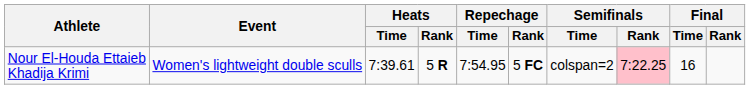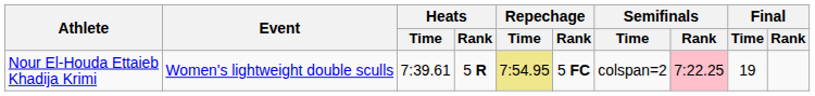 <table class="wikitable" style="font-size:90%">
 <tr>
 <th rowspan="2">Athlete</th>
 <th rowspan="2">Event</th>
 <th colspan="2">Heats</th>
 <th colspan="2">Repechage</th>
 <th colspan="2">Semifinals</th>
 <th colspan="2">Final</th>
 </tr>
 <tr style="font-size:95%">
 <th>Time</th>
 <th>Rank</th>
 <th>Time</th>
 <th>Rank</th>
 <th>Time</th>
 <th>Rank</th>
 <th>Time</th>
 <th>Rank</th>
 </tr>
 <tr align=center>
 <td align=left><a href='#'>Nour El-Houda Ettaieb</a><br><a href='#'>Khadija Krimi</a></td>
 <td align=left><a href='#'>Women's lightweight double sculls</a></td>
 <td>7:39.61</td>
 <td>5 <strong>R</strong></td>
-<td>7:54.95</td>
+<td style="background: khaki;">7:54.95</td>
 <td>5 <strong>FC</strong></td>
 <td>colspan=2</td>
 <td style="background: pink;">7:22.25</td>
-<td>16</td>
+<td>19</td>
 </tr>
 </table>
